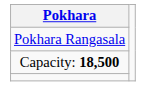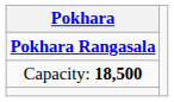 <table class="wikitable" style="margin:1em auto; text-align:center">
 <tr>
 <th><a href='#'>Pokhara</a></th>
 <td rowspan="4"></td>
 </tr>
 <tr>
-<td><a href='#'>Pokhara Rangasala</a></td>
+<td><strong><a href='#'>Pokhara Rangasala</a></strong></td>
 </tr>
 <tr>
 <td>Capacity: <strong>18,500</strong></td>
 </tr>
 <tr>
 <td></td>
 </tr>
 </table>
